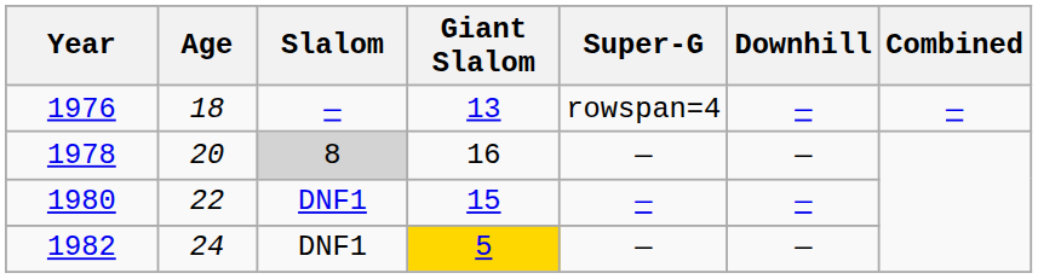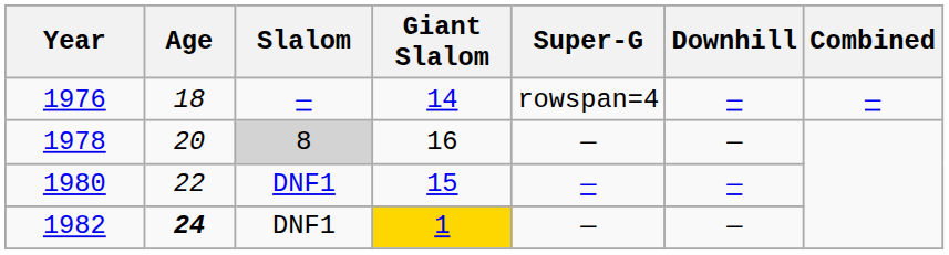 <table class=wikitable style="text-align:center">
 <tr>
 <th>  Year  </th>
 <th> Age </th>
 <th> Slalom </th>
 <th> Giant <br> Slalom </th>
 <th>Super-G</th>
 <th>Downhill</th>
 <th>Combined</th>
 </tr>
 <tr>
 <td><a href='#'>1976</a></td>
 <td><em>18</em></td>
 <td><a href='#'>—</a></td>
-<td><a href='#'>13</a></td>
+<td><a href='#'>14</a></td>
 <td>rowspan=4</td>
 <td><a href='#'>—</a></td>
 <td><a href='#'>—</a></td>
 </tr>
 <tr>
 <td><a href='#'>1978</a></td>
 <td><em>20</em></td>
 <td style="background: lightgrey;">8</td>
 <td>16</td>
 <td>—</td>
 <td>—</td>
 </tr>
 <tr>
 <td><a href='#'>1980</a></td>
 <td><em>22</em></td>
 <td><a href='#'>DNF1</a></td>
 <td><a href='#'>15</a></td>
 <td><a href='#'>—</a></td>
 <td><a href='#'>—</a></td>
 </tr>
 <tr>
 <td><a href='#'>1982</a></td>
-<td><em>24</em></td>
+<td><strong><em>24</em></strong></td>
 <td>DNF1</td>
-<td style="background:gold;"><a href='#'>5</a></td>
+<td style="background:gold;"><a href='#'>1</a></td>
 <td>—</td>
 <td>—</td>
 </tr>
 </table>
